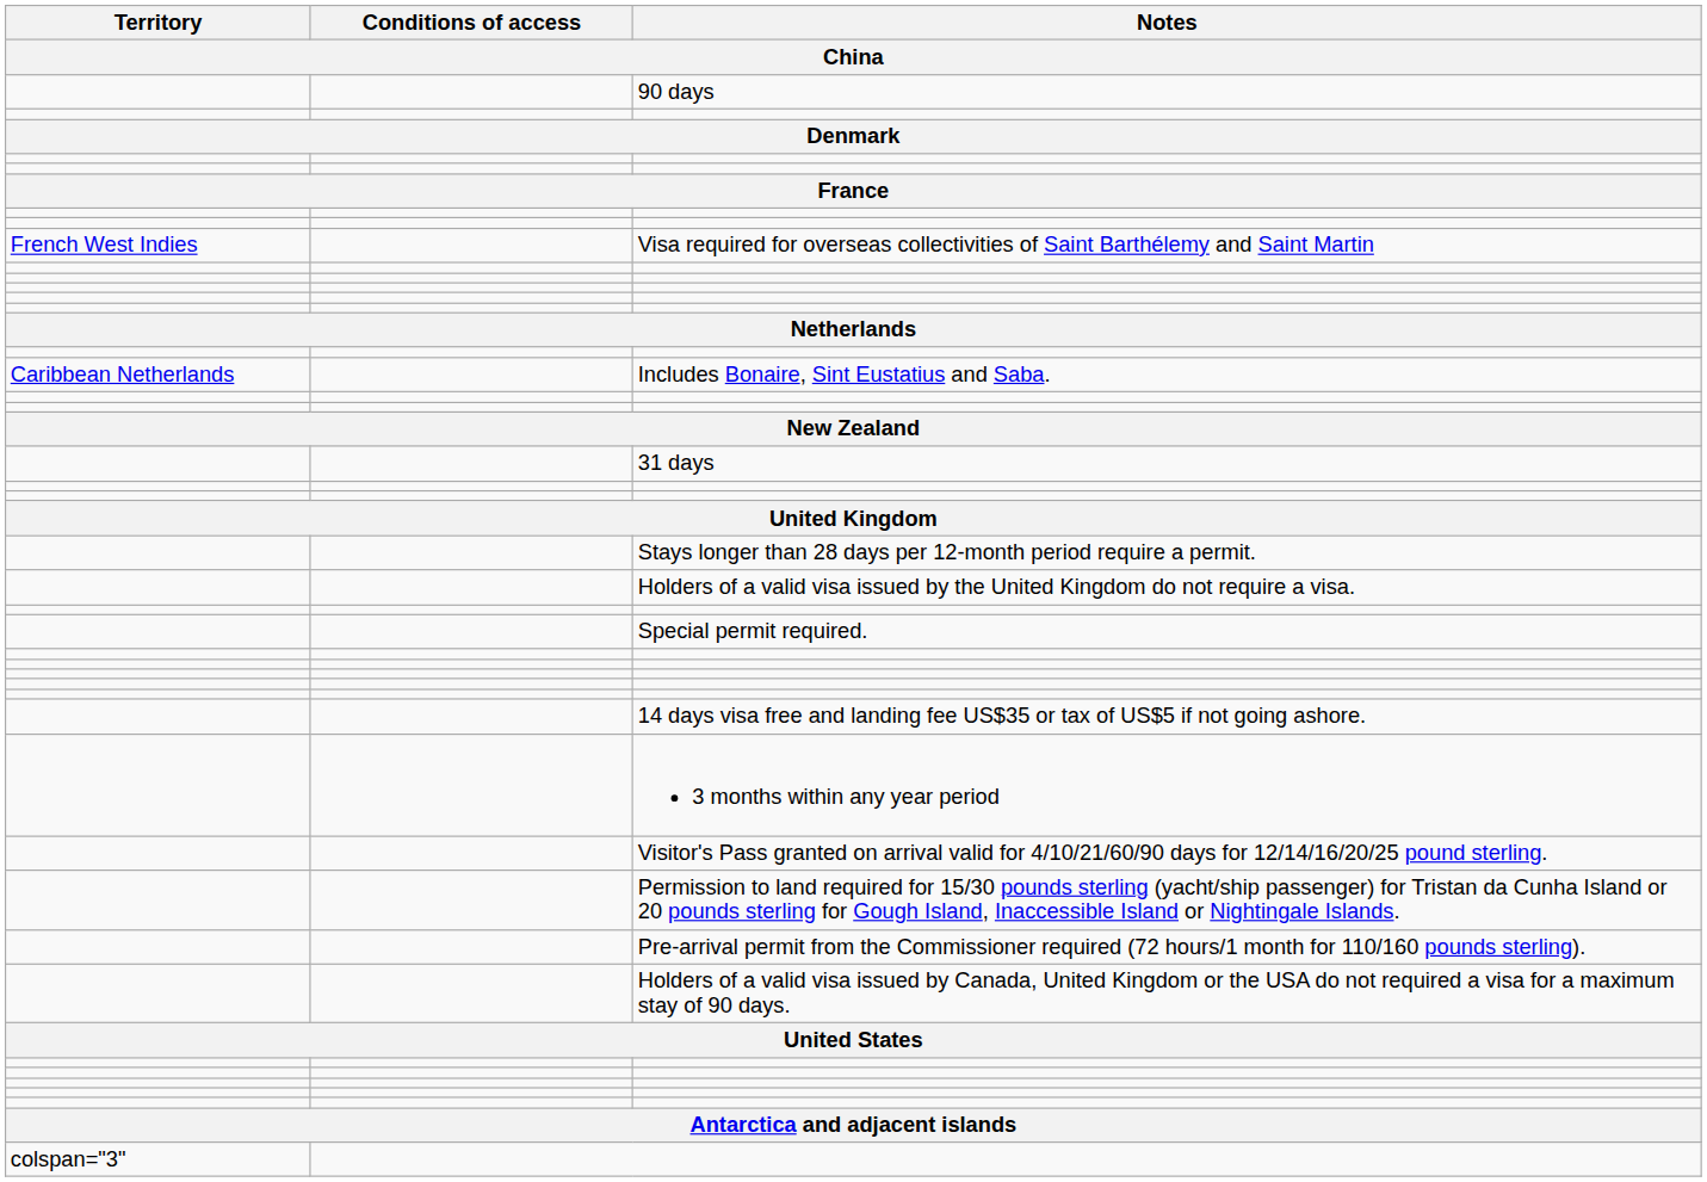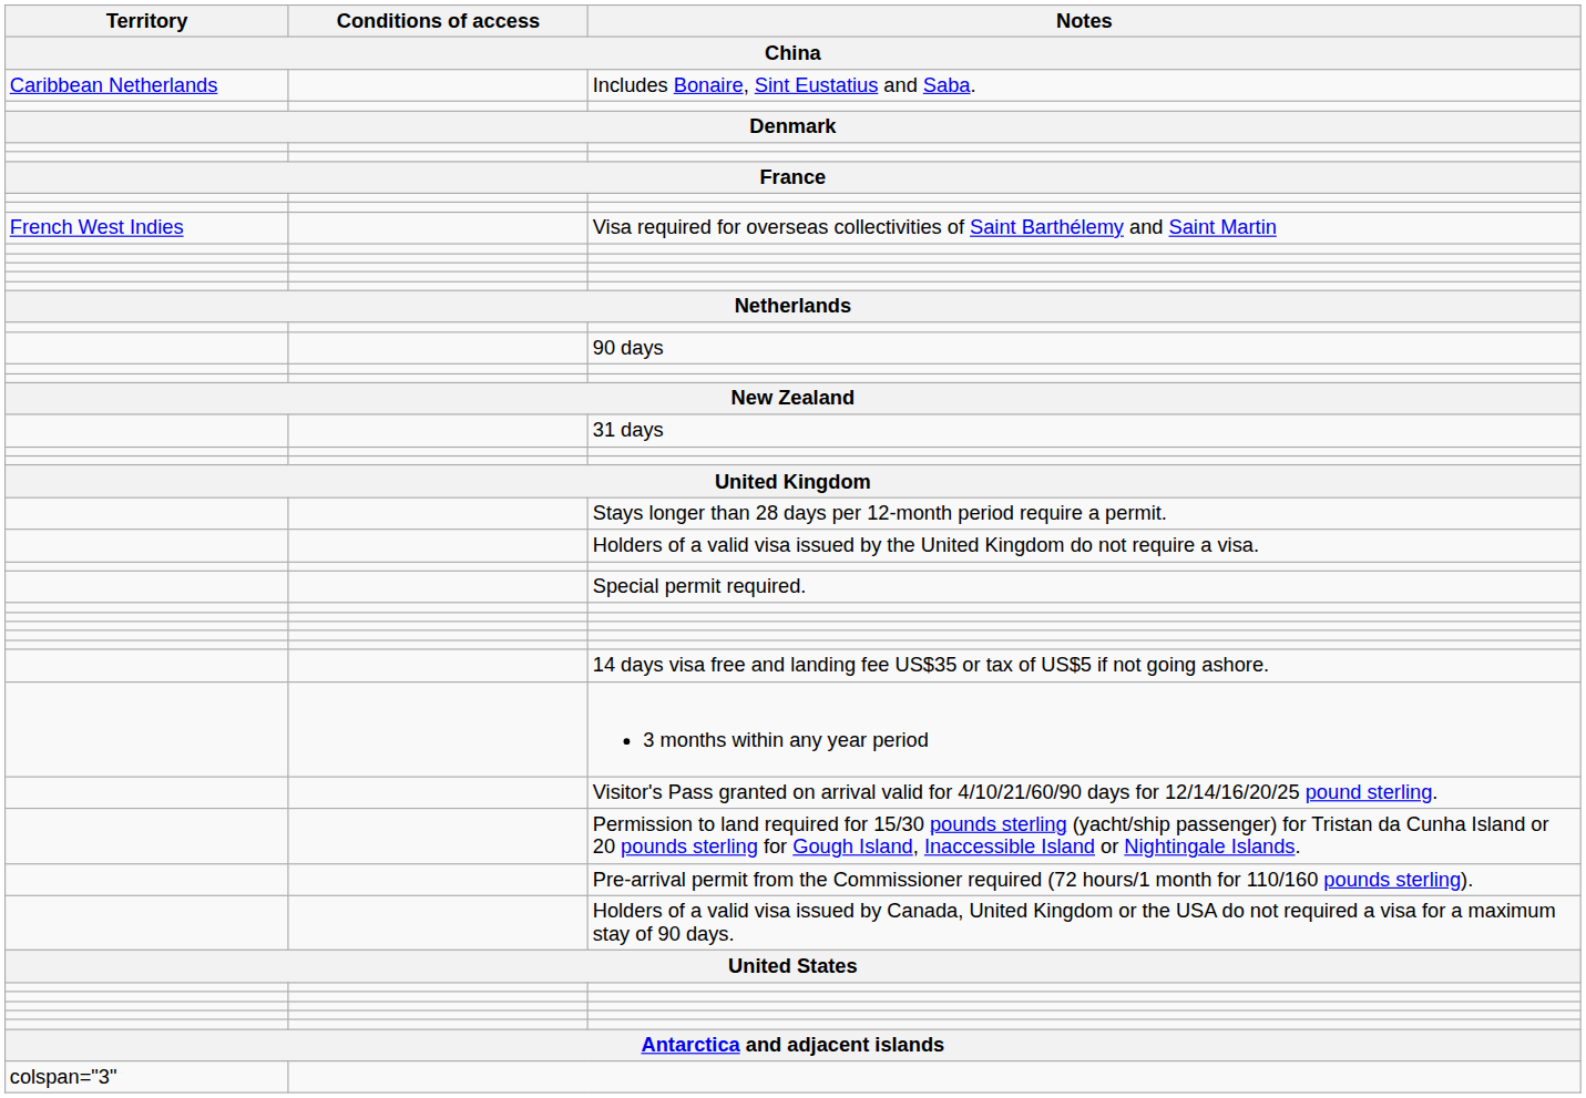 <table class="wikitable" style="text-align: left; table-layout: fixed;">
 <tr>
 <th style="width:18%;">Territory</th>
 <th style="width:19%;">Conditions of access</th>
 <th>Notes</th>
 </tr>
 <tr>
 <th colspan="3">China</th>
 </tr>
 <tr>
+<td> <a href='#'>Caribbean Netherlands</a></td>
 <td></td>
-<td></td>
-<td>90 days</td>
+<td>Includes <a href='#'>Bonaire</a>, <a href='#'>Sint Eustatius</a> and <a href='#'>Saba</a>.</td>
 </tr>
 <tr>
 <td></td>
 <td></td>
 <td></td>
 </tr>
 <tr>
 <th colspan="3">Denmark</th>
 </tr>
 <tr>
 <td></td>
 <td></td>
 <td></td>
 </tr>
 <tr>
 <td></td>
 <td></td>
 <td></td>
 </tr>
 <tr>
 <th colspan="3">France</th>
 </tr>
 <tr>
 <td></td>
 <td></td>
 <td></td>
 </tr>
 <tr>
 <td></td>
 <td></td>
 <td></td>
 </tr>
 <tr>
 <td> <a href='#'>French West Indies</a></td>
 <td></td>
 <td>Visa required for overseas collectivities of <a href='#'>Saint Barthélemy</a> and <a href='#'>Saint Martin</a></td>
 </tr>
 <tr>
 <td></td>
 <td></td>
 <td></td>
 </tr>
 <tr>
 <td></td>
 <td></td>
 <td></td>
 </tr>
 <tr>
 <td></td>
 <td></td>
 <td></td>
 </tr>
 <tr>
 <td></td>
 <td></td>
 <td></td>
 </tr>
 <tr>
 <td></td>
 <td></td>
 <td></td>
 </tr>
 <tr>
 <th colspan="3">Netherlands</th>
 </tr>
 <tr>
 <td></td>
 <td></td>
 <td></td>
 </tr>
 <tr>
-<td> <a href='#'>Caribbean Netherlands</a></td>
 <td></td>
-<td>Includes <a href='#'>Bonaire</a>, <a href='#'>Sint Eustatius</a> and <a href='#'>Saba</a>.</td>
+<td></td>
+<td>90 days</td>
 </tr>
 <tr>
 <td></td>
 <td></td>
 <td></td>
 </tr>
 <tr>
 <td></td>
 <td></td>
 <td></td>
 </tr>
 <tr>
 <th colspan="3">New Zealand</th>
 </tr>
 <tr>
 <td></td>
 <td></td>
 <td>31 days</td>
 </tr>
 <tr>
 <td></td>
 <td></td>
 <td></td>
 </tr>
 <tr>
 <td></td>
 <td></td>
 <td></td>
 </tr>
 <tr>
 <th colspan="3">United Kingdom</th>
 </tr>
 <tr>
 <td></td>
 <td></td>
 <td>Stays longer than 28 days per 12-month period require a permit.</td>
 </tr>
 <tr>
 <td></td>
 <td></td>
 <td>Holders of a valid visa issued by the United Kingdom do not require a visa.</td>
 </tr>
 <tr>
 <td></td>
 <td></td>
 <td></td>
 </tr>
 <tr>
 <td></td>
 <td></td>
 <td>Special permit required.</td>
 </tr>
 <tr>
 <td></td>
 <td></td>
 <td></td>
 </tr>
 <tr>
 <td></td>
 <td></td>
 <td></td>
 </tr>
 <tr>
 <td></td>
 <td></td>
 <td></td>
 </tr>
 <tr>
 <td></td>
 <td></td>
 <td></td>
 </tr>
 <tr>
 <td></td>
 <td></td>
 <td></td>
 </tr>
 <tr>
 <td></td>
 <td></td>
 <td>14 days visa free and landing fee US$35 or tax of US$5 if not going ashore.</td>
 </tr>
 <tr>
 <td></td>
 <td></td>
 <td><br><ul><li>3 months within any year period</li></ul></td>
 </tr>
 <tr>
 <td></td>
 <td></td>
 <td>Visitor's Pass granted on arrival valid for 4/10/21/60/90 days for 12/14/16/20/25 <a href='#'>pound sterling</a>.</td>
 </tr>
 <tr>
 <td></td>
 <td></td>
 <td>Permission to land required for 15/30 <a href='#'>pounds sterling</a> (yacht/ship passenger) for Tristan da Cunha Island or 20 <a href='#'>pounds sterling</a> for <a href='#'>Gough Island</a>, <a href='#'>Inaccessible Island</a> or <a href='#'>Nightingale Islands</a>.</td>
 </tr>
 <tr>
 <td></td>
 <td></td>
 <td>Pre-arrival permit from the Commissioner required (72 hours/1 month for 110/160 <a href='#'>pounds sterling</a>).</td>
 </tr>
 <tr>
 <td></td>
 <td></td>
 <td>Holders of a valid visa issued by Canada, United Kingdom or the USA do not required a visa for a maximum stay of 90 days.</td>
 </tr>
 <tr>
 <th colspan="3">United States</th>
 </tr>
 <tr>
 <td></td>
 <td></td>
 <td></td>
 </tr>
 <tr>
 <td></td>
 <td></td>
 <td></td>
 </tr>
 <tr>
 <td></td>
 <td></td>
 <td></td>
 </tr>
 <tr>
 <td></td>
 <td></td>
 <td></td>
 </tr>
 <tr>
 <td></td>
 <td></td>
 <td></td>
 </tr>
 <tr>
 <th colspan="3"><a href='#'>Antarctica</a> and adjacent islands</th>
 </tr>
 <tr>
 <td>colspan="3" </td>
 </tr>
 </table>
